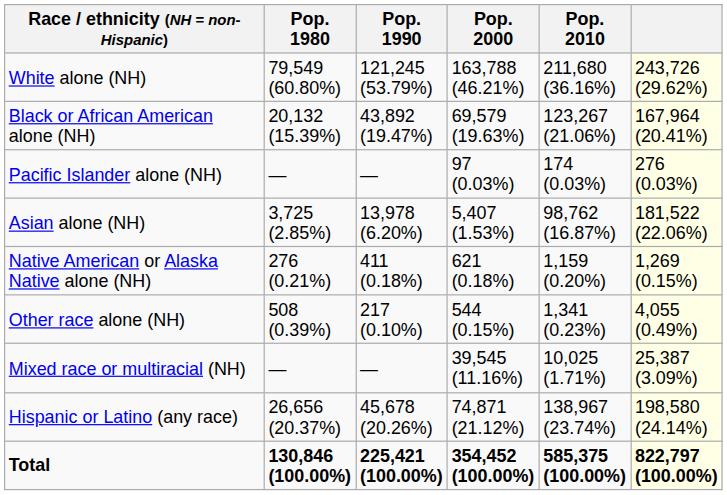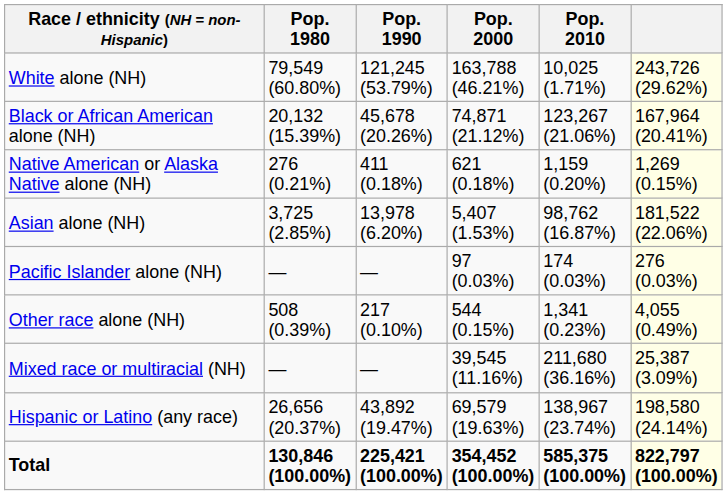 <table class="wikitable sortable collapsible" style="font-size: 95%;">
 <tr>
 <th>Race / ethnicity <small>(<em>NH = non-Hispanic</em>)</small></th>
 <th>Pop. 1980</th>
 <th>Pop. 1990</th>
 <th>Pop. 2000</th>
 <th>Pop. 2010</th>
 <th></th>
 </tr>
 <tr>
 <td><a href='#'>White</a> alone (NH)</td>
 <td>79,549<br>(60.80%)</td>
 <td>121,245<br>(53.79%)</td>
 <td>163,788<br>(46.21%)</td>
-<td>211,680<br>(36.16%)</td>
+<td>10,025<br>(1.71%)</td>
 <td style='background: #ffffe6;'>243,726<br>(29.62%)</td>
 </tr>
 <tr>
 <td><a href='#'>Black or African American</a> alone (NH)</td>
 <td>20,132<br>(15.39%)</td>
-<td>43,892<br>(19.47%)</td>
-<td>69,579<br>(19.63%)</td>
+<td>45,678<br>(20.26%)</td>
+<td>74,871<br>(21.12%)</td>
 <td>123,267<br>(21.06%)</td>
 <td style='background: #ffffe6;'>167,964<br>(20.41%)</td>
 </tr>
 <tr>
-<td><a href='#'>Pacific Islander</a> alone (NH)</td>
-<td>—</td>
-<td>—</td>
-<td>97<br>(0.03%)</td>
-<td>174<br>(0.03%)</td>
-<td style='background: #ffffe6;'>276<br>(0.03%)</td>
+<td><a href='#'>Native American</a> or <a href='#'>Alaska Native</a> alone (NH)</td>
+<td>276<br>(0.21%)</td>
+<td>411<br>(0.18%)</td>
+<td>621<br>(0.18%)</td>
+<td>1,159<br>(0.20%)</td>
+<td style='background: #ffffe6;'>1,269<br>(0.15%)</td>
 </tr>
 <tr>
 <td><a href='#'>Asian</a> alone (NH)</td>
 <td>3,725<br>(2.85%)</td>
 <td>13,978<br>(6.20%)</td>
 <td>5,407<br>(1.53%)</td>
 <td>98,762<br>(16.87%)</td>
 <td style='background: #ffffe6;'>181,522<br>(22.06%)</td>
 </tr>
 <tr>
-<td><a href='#'>Native American</a> or <a href='#'>Alaska Native</a> alone (NH)</td>
-<td>276<br>(0.21%)</td>
-<td>411<br>(0.18%)</td>
-<td>621<br>(0.18%)</td>
-<td>1,159<br>(0.20%)</td>
-<td style='background: #ffffe6;'>1,269<br>(0.15%)</td>
+<td><a href='#'>Pacific Islander</a> alone (NH)</td>
+<td>—</td>
+<td>—</td>
+<td>97<br>(0.03%)</td>
+<td>174<br>(0.03%)</td>
+<td style='background: #ffffe6;'>276<br>(0.03%)</td>
 </tr>
 <tr>
 <td><a href='#'>Other race</a> alone (NH)</td>
 <td>508<br>(0.39%)</td>
 <td>217<br>(0.10%)</td>
 <td>544<br>(0.15%)</td>
 <td>1,341<br>(0.23%)</td>
 <td style='background: #ffffe6;'>4,055<br>(0.49%)</td>
 </tr>
 <tr>
 <td><a href='#'>Mixed race or multiracial</a> (NH)</td>
 <td>—</td>
 <td>—</td>
 <td>39,545<br>(11.16%)</td>
-<td>10,025<br>(1.71%)</td>
+<td>211,680<br>(36.16%)</td>
 <td style='background: #ffffe6;'>25,387<br>(3.09%)</td>
 </tr>
 <tr>
 <td><a href='#'>Hispanic or Latino</a> (any race)</td>
 <td>26,656<br>(20.37%)</td>
-<td>45,678<br>(20.26%)</td>
-<td>74,871<br>(21.12%)</td>
+<td>43,892<br>(19.47%)</td>
+<td>69,579<br>(19.63%)</td>
 <td>138,967<br>(23.74%)</td>
 <td style='background: #ffffe6;'>198,580<br>(24.14%)</td>
 </tr>
 <tr>
 <td><strong>Total</strong></td>
 <td><strong>130,846<br>(100.00%)</strong></td>
 <td><strong>225,421<br>(100.00%)</strong></td>
 <td><strong>354,452<br>(100.00%)</strong></td>
 <td><strong>585,375<br>(100.00%)</strong></td>
 <td style='background: #ffffe6;'><strong>822,797<br>(100.00%)</strong></td>
 </tr>
 </table>
